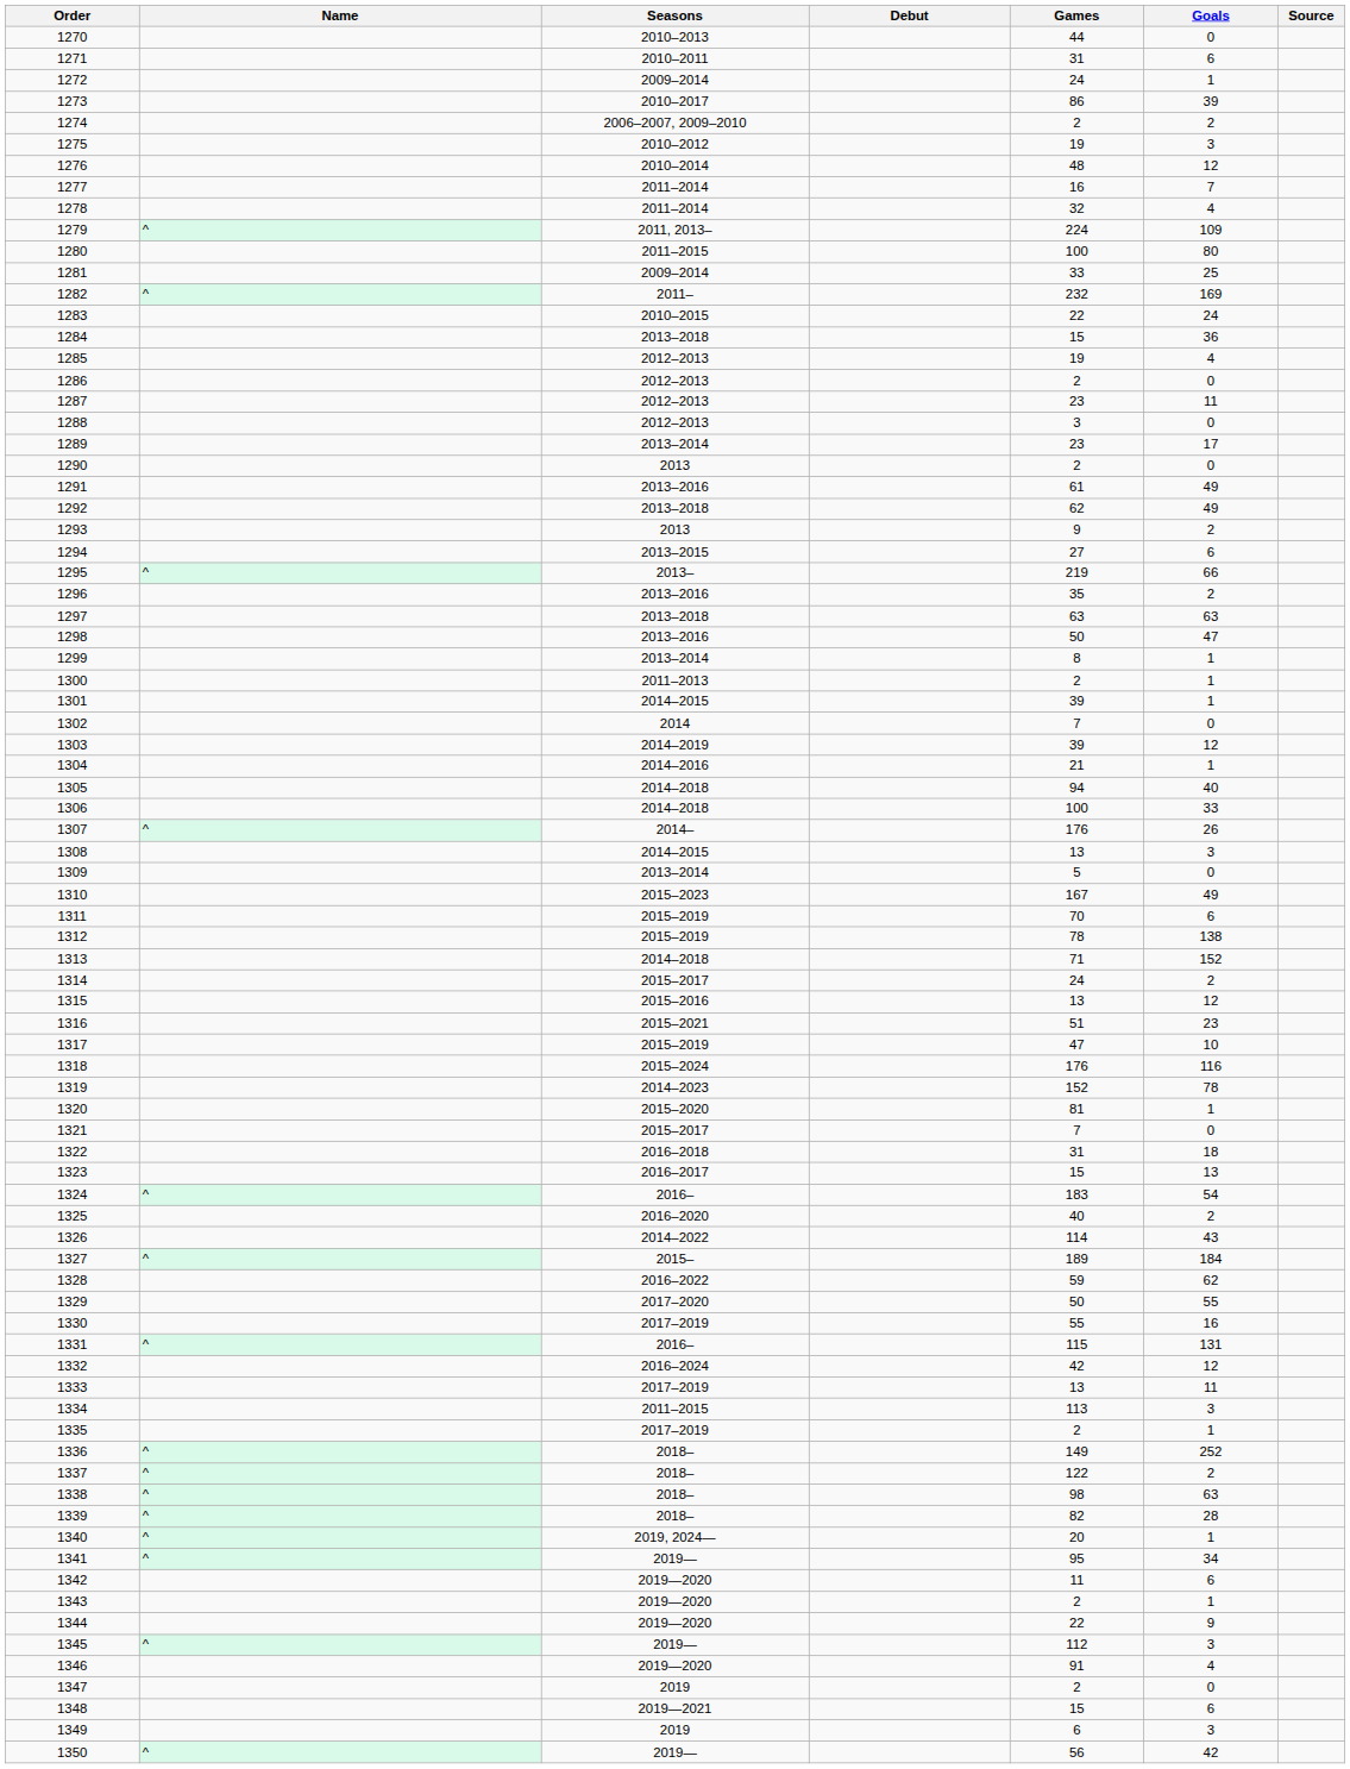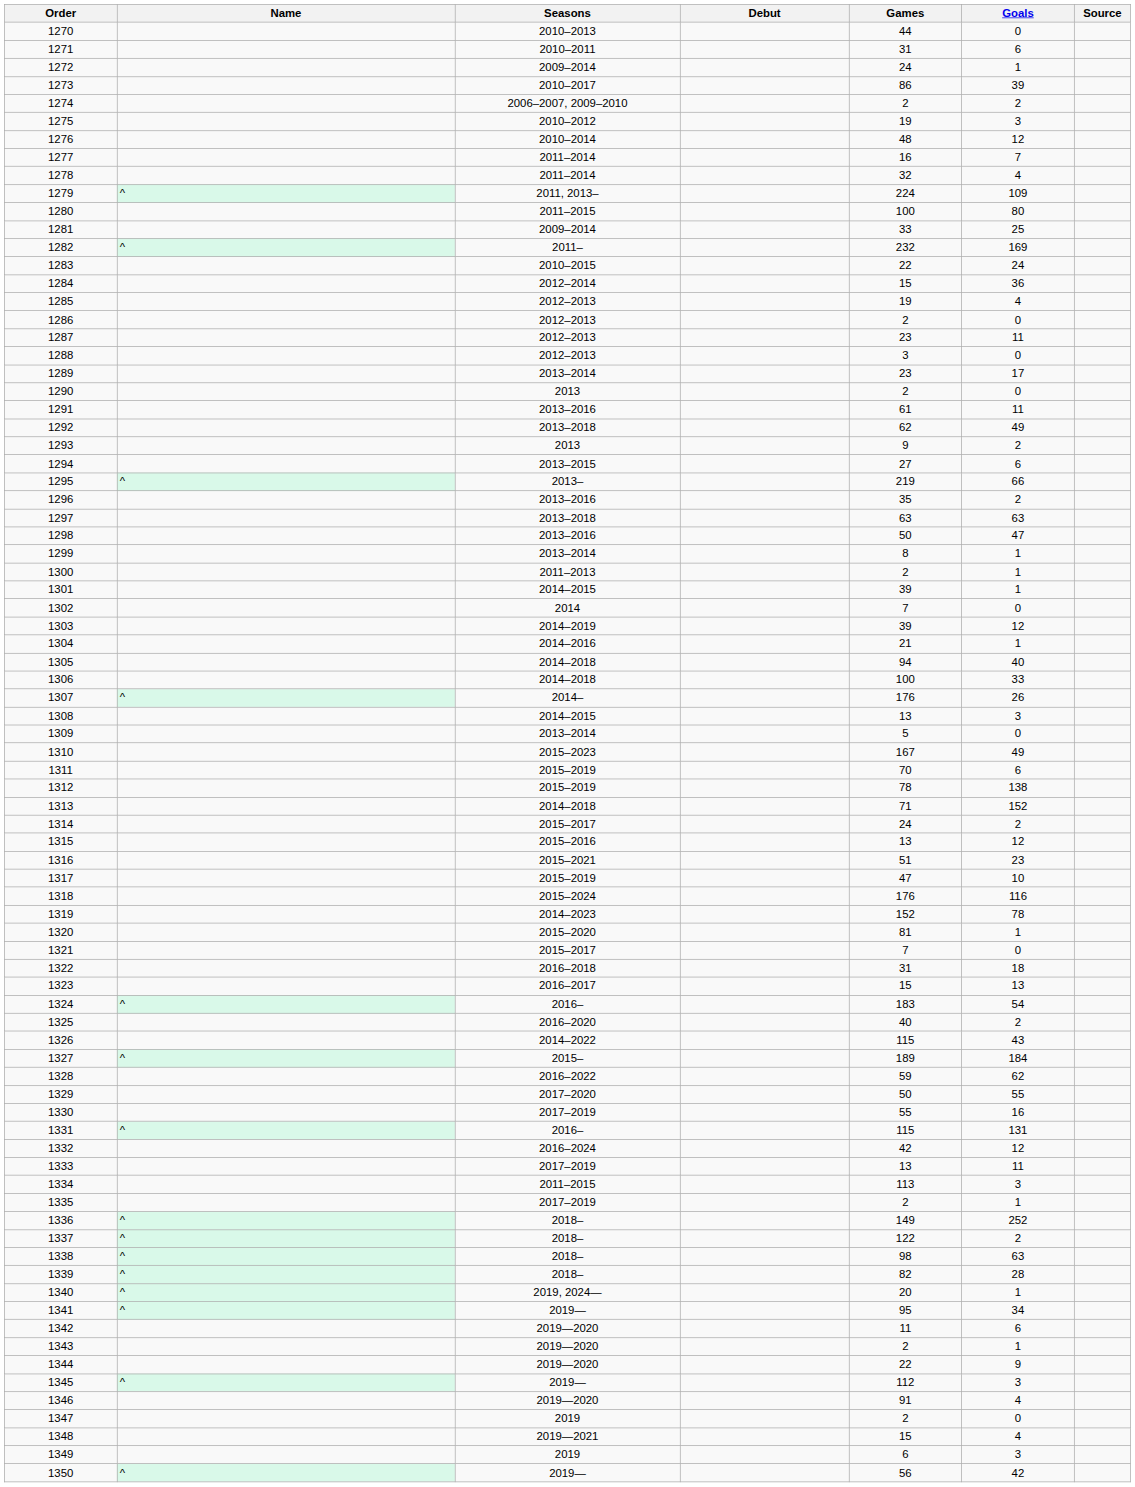 <table class="wikitable sortable" style="text-align:center; width:80%;">
 <tr>
 <th style="width=10%">Order</th>
 <th style="width:30%">Name</th>
 <th style="width:20%">Seasons</th>
 <th style="width:15%">Debut</th>
 <th style="width:10%">Games</th>
 <th style="width:10%"><a href='#'>Goals</a></th>
 <th class="unsortable" style="width:5%">Source</th>
 </tr>
 <tr>
 <td>1270</td>
 <td align=left></td>
 <td>2010–2013</td>
 <td></td>
 <td>44</td>
 <td>0</td>
 <td></td>
 </tr>
 <tr>
 <td>1271</td>
 <td align=left></td>
 <td>2010–2011</td>
 <td></td>
 <td>31</td>
 <td>6</td>
 <td></td>
 </tr>
 <tr>
 <td>1272</td>
 <td align=left></td>
 <td>2009–2014</td>
 <td></td>
 <td>24</td>
 <td>1</td>
 <td></td>
 </tr>
 <tr>
 <td>1273</td>
 <td align=left></td>
 <td>2010–2017</td>
 <td></td>
 <td>86</td>
 <td>39</td>
 <td></td>
 </tr>
 <tr>
 <td>1274</td>
 <td align=left></td>
 <td>2006–2007, 2009–2010</td>
 <td></td>
 <td>2</td>
 <td>2</td>
 <td></td>
 </tr>
 <tr>
 <td>1275</td>
 <td align=left></td>
 <td>2010–2012</td>
 <td></td>
 <td>19</td>
 <td>3</td>
 <td></td>
 </tr>
 <tr>
 <td>1276</td>
 <td align=left></td>
 <td>2010–2014</td>
 <td></td>
 <td>48</td>
 <td>12</td>
 <td></td>
 </tr>
 <tr>
 <td>1277</td>
 <td align=left></td>
 <td>2011–2014</td>
 <td></td>
 <td>16</td>
 <td>7</td>
 <td></td>
 </tr>
 <tr>
 <td>1278</td>
 <td align=left></td>
 <td>2011–2014</td>
 <td></td>
 <td>32</td>
 <td>4</td>
 <td></td>
 </tr>
 <tr>
 <td>1279</td>
 <td style="text-align:left; background:#d9f9e9">^</td>
 <td>2011, 2013–</td>
 <td></td>
 <td>224</td>
 <td>109</td>
 <td></td>
 </tr>
 <tr>
 <td>1280</td>
 <td align=left></td>
 <td>2011–2015</td>
 <td></td>
 <td>100</td>
 <td>80</td>
 <td></td>
 </tr>
 <tr>
 <td>1281</td>
 <td align=left></td>
 <td>2009–2014</td>
 <td></td>
 <td>33</td>
 <td>25</td>
 <td></td>
 </tr>
 <tr>
 <td>1282</td>
 <td style="text-align:left; background:#d9f9e9">^</td>
 <td>2011–</td>
 <td></td>
 <td>232</td>
 <td>169</td>
 <td></td>
 </tr>
 <tr>
 <td>1283</td>
 <td align=left></td>
 <td>2010–2015</td>
 <td></td>
 <td>22</td>
 <td>24</td>
 <td></td>
 </tr>
 <tr>
 <td>1284</td>
 <td align=left></td>
-<td>2013–2018</td>
+<td>2012–2014</td>
 <td></td>
 <td>15</td>
 <td>36</td>
 <td></td>
 </tr>
 <tr>
 <td>1285</td>
 <td align=left></td>
 <td>2012–2013</td>
 <td></td>
 <td>19</td>
 <td>4</td>
 <td></td>
 </tr>
 <tr>
 <td>1286</td>
 <td align=left></td>
 <td>2012–2013</td>
 <td></td>
 <td>2</td>
 <td>0</td>
 <td></td>
 </tr>
 <tr>
 <td>1287</td>
 <td align=left></td>
 <td>2012–2013</td>
 <td></td>
 <td>23</td>
 <td>11</td>
 <td></td>
 </tr>
 <tr>
 <td>1288</td>
 <td align=left></td>
 <td>2012–2013</td>
 <td></td>
 <td>3</td>
 <td>0</td>
 <td></td>
 </tr>
 <tr>
 <td>1289</td>
 <td align=left></td>
 <td>2013–2014</td>
 <td></td>
 <td>23</td>
 <td>17</td>
 <td></td>
 </tr>
 <tr>
 <td>1290</td>
 <td align=left></td>
 <td>2013</td>
 <td></td>
 <td>2</td>
 <td>0</td>
 <td></td>
 </tr>
 <tr>
 <td>1291</td>
 <td align=left></td>
 <td>2013–2016</td>
 <td></td>
 <td>61</td>
-<td>49</td>
+<td>11</td>
 <td></td>
 </tr>
 <tr>
 <td>1292</td>
 <td style="text-align:left"></td>
 <td>2013–2018</td>
 <td></td>
 <td>62</td>
 <td>49</td>
 <td></td>
 </tr>
 <tr>
 <td>1293</td>
 <td align=left></td>
 <td>2013</td>
 <td></td>
 <td>9</td>
 <td>2</td>
 <td></td>
 </tr>
 <tr>
 <td>1294</td>
 <td align=left></td>
 <td>2013–2015</td>
 <td></td>
 <td>27</td>
 <td>6</td>
 <td></td>
 </tr>
 <tr>
 <td>1295</td>
 <td style="text-align:left; background:#d9f9e9">^</td>
 <td>2013–</td>
 <td></td>
 <td>219</td>
 <td>66</td>
 <td></td>
 </tr>
 <tr>
 <td>1296</td>
 <td align=left></td>
 <td>2013–2016</td>
 <td></td>
 <td>35</td>
 <td>2</td>
 <td></td>
 </tr>
 <tr>
 <td>1297</td>
 <td style="text-align:left"></td>
 <td>2013–2018</td>
 <td></td>
 <td>63</td>
 <td>63</td>
 <td></td>
 </tr>
 <tr>
 <td>1298</td>
 <td align=left></td>
 <td>2013–2016</td>
 <td></td>
 <td>50</td>
 <td>47</td>
 <td></td>
 </tr>
 <tr>
 <td>1299</td>
 <td align=left></td>
 <td>2013–2014</td>
 <td></td>
 <td>8</td>
 <td>1</td>
 <td></td>
 </tr>
 <tr>
 <td>1300</td>
 <td align=left></td>
 <td>2011–2013</td>
 <td></td>
 <td>2</td>
 <td>1</td>
 <td></td>
 </tr>
 <tr>
 <td>1301</td>
 <td align=left></td>
 <td>2014–2015</td>
 <td></td>
 <td>39</td>
 <td>1</td>
 <td></td>
 </tr>
 <tr>
 <td>1302</td>
 <td align=left></td>
 <td>2014</td>
 <td></td>
 <td>7</td>
 <td>0</td>
 <td></td>
 </tr>
 <tr>
 <td>1303</td>
 <td style="text-align:left"></td>
 <td>2014–2019</td>
 <td></td>
 <td>39</td>
 <td>12</td>
 <td></td>
 </tr>
 <tr>
 <td>1304</td>
 <td align=left></td>
 <td>2014–2016</td>
 <td></td>
 <td>21</td>
 <td>1</td>
 <td></td>
 </tr>
 <tr>
 <td>1305</td>
 <td style="text-align:left"></td>
 <td>2014–2018</td>
 <td></td>
 <td>94</td>
 <td>40</td>
 <td></td>
 </tr>
 <tr>
 <td>1306</td>
 <td style="text-align:left"></td>
 <td>2014–2018</td>
 <td></td>
 <td>100</td>
 <td>33</td>
 <td></td>
 </tr>
 <tr>
 <td>1307</td>
 <td style="text-align:left; background:#d9f9e9">^</td>
 <td>2014–</td>
 <td></td>
 <td>176</td>
 <td>26</td>
 <td></td>
 </tr>
 <tr>
 <td>1308</td>
 <td align=left></td>
 <td>2014–2015</td>
 <td></td>
 <td>13</td>
 <td>3</td>
 <td></td>
 </tr>
 <tr>
 <td>1309</td>
 <td align=left></td>
 <td>2013–2014</td>
 <td></td>
 <td>5</td>
 <td>0</td>
 <td></td>
 </tr>
 <tr>
 <td>1310</td>
 <td style="text-align:left"></td>
 <td>2015–2023</td>
 <td></td>
 <td>167</td>
 <td>49</td>
 <td></td>
 </tr>
 <tr>
 <td>1311</td>
 <td style="text-align:left"></td>
 <td>2015–2019</td>
 <td></td>
 <td>70</td>
 <td>6</td>
 <td></td>
 </tr>
 <tr>
 <td>1312</td>
 <td style="text-align:left"></td>
 <td>2015–2019</td>
 <td></td>
 <td>78</td>
 <td>138</td>
 <td></td>
 </tr>
 <tr>
 <td>1313</td>
 <td style="text-align:left"></td>
 <td>2014–2018</td>
 <td></td>
 <td>71</td>
 <td>152</td>
 <td></td>
 </tr>
 <tr>
 <td>1314</td>
 <td style="text-align:left;"></td>
 <td>2015–2017</td>
 <td></td>
 <td>24</td>
 <td>2</td>
 <td></td>
 </tr>
 <tr>
 <td>1315</td>
 <td align=left></td>
 <td>2015–2016</td>
 <td></td>
 <td>13</td>
 <td>12</td>
 <td></td>
 </tr>
 <tr>
 <td>1316</td>
 <td style="text-align:left"></td>
 <td>2015–2021</td>
 <td></td>
 <td>51</td>
 <td>23</td>
 <td></td>
 </tr>
 <tr>
 <td>1317</td>
 <td style="text-align:left"></td>
 <td>2015–2019</td>
 <td></td>
 <td>47</td>
 <td>10</td>
 <td></td>
 </tr>
 <tr>
 <td>1318</td>
 <td style="text-align:left"></td>
 <td>2015–2024</td>
 <td></td>
 <td>176</td>
 <td>116</td>
 <td></td>
 </tr>
 <tr>
 <td>1319</td>
 <td style="text-align:left"></td>
 <td>2014–2023</td>
 <td></td>
 <td>152</td>
 <td>78</td>
 <td></td>
 </tr>
 <tr>
 <td>1320</td>
 <td style="text-align:left"></td>
 <td>2015–2020</td>
 <td></td>
 <td>81</td>
 <td>1</td>
 <td></td>
 </tr>
 <tr>
 <td>1321</td>
 <td align=left></td>
 <td>2015–2017</td>
 <td></td>
 <td>7</td>
 <td>0</td>
 <td></td>
 </tr>
 <tr>
 <td>1322</td>
 <td style="text-align:left"></td>
 <td>2016–2018</td>
 <td></td>
 <td>31</td>
 <td>18</td>
 <td></td>
 </tr>
 <tr>
 <td>1323</td>
 <td align=left></td>
 <td>2016–2017</td>
 <td></td>
 <td>15</td>
 <td>13</td>
 <td></td>
 </tr>
 <tr>
 <td>1324</td>
 <td style="text-align:left; background:#d9f9e9">^</td>
 <td>2016–</td>
 <td></td>
 <td>183</td>
 <td>54</td>
 <td></td>
 </tr>
 <tr>
 <td>1325</td>
 <td style="text-align:left"></td>
 <td>2016–2020</td>
 <td></td>
 <td>40</td>
 <td>2</td>
 <td></td>
 </tr>
 <tr>
 <td>1326</td>
 <td style="text-align:left"></td>
 <td>2014–2022</td>
 <td></td>
-<td>114</td>
+<td>115</td>
 <td>43</td>
 <td></td>
 </tr>
 <tr>
 <td>1327</td>
 <td style="text-align:left; background:#d9f9e9">^</td>
 <td>2015–</td>
 <td></td>
 <td>189</td>
 <td>184</td>
 <td></td>
 </tr>
 <tr>
 <td>1328</td>
 <td style="text-align:left"></td>
 <td>2016–2022</td>
 <td></td>
 <td>59</td>
 <td>62</td>
 <td></td>
 </tr>
 <tr>
 <td>1329</td>
 <td style="text-align:left"></td>
 <td>2017–2020</td>
 <td></td>
 <td>50</td>
 <td>55</td>
 <td></td>
 </tr>
 <tr>
 <td>1330</td>
 <td style="text-align:left"></td>
 <td>2017–2019</td>
 <td></td>
 <td>55</td>
 <td>16</td>
 <td></td>
 </tr>
 <tr>
 <td>1331</td>
 <td style="text-align:left; background:#d9f9e9">^</td>
 <td>2016–</td>
 <td></td>
 <td>115</td>
 <td>131</td>
 <td></td>
 </tr>
 <tr>
 <td>1332</td>
 <td style="text-align:left"></td>
 <td>2016–2024</td>
 <td></td>
 <td>42</td>
 <td>12</td>
 <td></td>
 </tr>
 <tr>
 <td>1333</td>
 <td style="text-align:left"></td>
 <td>2017–2019</td>
 <td></td>
 <td>13</td>
 <td>11</td>
 <td></td>
 </tr>
 <tr>
 <td>1334</td>
 <td style="text-align:left"></td>
 <td>2011–2015</td>
 <td></td>
 <td>113</td>
 <td>3</td>
 <td></td>
 </tr>
 <tr>
 <td>1335</td>
 <td style="text-align:left"></td>
 <td>2017–2019</td>
 <td></td>
 <td>2</td>
 <td>1</td>
 <td></td>
 </tr>
 <tr>
 <td>1336</td>
 <td style="text-align:left; background:#d9f9e9">^</td>
 <td>2018–</td>
 <td></td>
 <td>149</td>
 <td>252</td>
 <td></td>
 </tr>
 <tr>
 <td>1337</td>
 <td style="text-align:left; background:#d9f9e9">^</td>
 <td>2018–</td>
 <td></td>
 <td>122</td>
 <td>2</td>
 <td></td>
 </tr>
 <tr>
 <td>1338</td>
 <td style="text-align:left; background:#d9f9e9">^</td>
 <td>2018–</td>
 <td></td>
 <td>98</td>
 <td>63</td>
 <td></td>
 </tr>
 <tr>
 <td>1339</td>
 <td style="text-align:left; background:#d9f9e9">^</td>
 <td>2018–</td>
 <td></td>
 <td>82</td>
 <td>28</td>
 <td></td>
 </tr>
 <tr>
 <td>1340</td>
 <td style="text-align:left; background:#d9f9e9">^</td>
 <td>2019, 2024—</td>
 <td></td>
 <td>20</td>
 <td>1</td>
 <td></td>
 </tr>
 <tr>
 <td>1341</td>
 <td style="text-align:left; background:#d9f9e9">^</td>
 <td>2019—</td>
 <td></td>
 <td>95</td>
 <td>34</td>
 <td></td>
 </tr>
 <tr>
 <td>1342</td>
 <td style="text-align:left"></td>
 <td>2019—2020</td>
 <td></td>
 <td>11</td>
 <td>6</td>
 <td></td>
 </tr>
 <tr>
 <td>1343</td>
 <td style="text-align:left"></td>
 <td>2019—2020</td>
 <td></td>
 <td>2</td>
 <td>1</td>
 <td></td>
 </tr>
 <tr>
 <td>1344</td>
 <td style="text-align:left"></td>
 <td>2019—2020</td>
 <td></td>
 <td>22</td>
 <td>9</td>
 <td></td>
 </tr>
 <tr>
 <td>1345</td>
 <td style="text-align:left; background:#d9f9e9">^</td>
 <td>2019—</td>
 <td></td>
 <td>112</td>
 <td>3</td>
 <td></td>
 </tr>
 <tr>
 <td>1346</td>
 <td style="text-align:left"></td>
 <td>2019—2020</td>
 <td></td>
 <td>91</td>
 <td>4</td>
 <td></td>
 </tr>
 <tr>
 <td>1347</td>
 <td style="text-align:left"></td>
 <td>2019</td>
 <td></td>
 <td>2</td>
 <td>0</td>
 <td></td>
 </tr>
 <tr>
 <td>1348</td>
 <td style="text-align:left"></td>
 <td>2019—2021</td>
 <td></td>
 <td>15</td>
-<td>6</td>
+<td>4</td>
 <td></td>
 </tr>
 <tr>
 <td>1349</td>
 <td style="text-align:left"></td>
 <td>2019</td>
 <td></td>
 <td>6</td>
 <td>3</td>
 <td></td>
 </tr>
 <tr>
 <td>1350</td>
 <td style="text-align:left; background:#d9f9e9">^</td>
 <td>2019—</td>
 <td></td>
 <td>56</td>
 <td>42</td>
 <td></td>
 </tr>
 </table>
